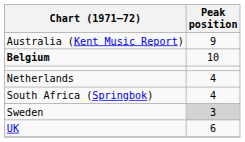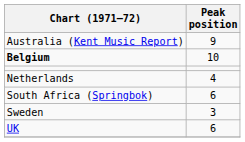 <table class="wikitable sortable">
 <tr>
 <th>Chart (1971–72)</th>
 <th>Peak<br>position</th>
 </tr>
 <tr>
 <td>Australia (<a href='#'>Kent Music Report</a>)</td>
 <td style="text-align:center;">9</td>
 </tr>
 <tr>
 <td><strong>Belgium</strong></td>
 <td style="text-align:center;">10</td>
 </tr>
 <tr>
 <td></td>
 </tr>
 <tr>
 <td>Netherlands</td>
 <td style="text-align:center;">4</td>
 </tr>
 <tr>
 <td>South Africa (<a href='#'>Springbok</a>)</td>
-<td align="center">4</td>
+<td align="center">6</td>
 </tr>
 <tr>
 <td>Sweden</td>
-<td style="background: lightgrey; text-align:center;">3</td>
+<td style="text-align:center;">3</td>
 </tr>
 <tr>
 <td><a href='#'>UK</a></td>
 <td style="text-align:center;">6</td>
 </tr>
 <tr>
 </tr>
 </table>
